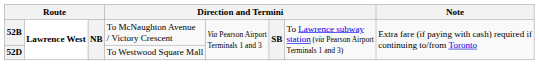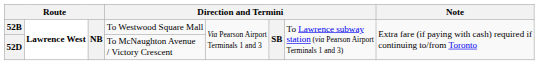 <table class=wikitable style="font-size: 90%;" |>
 <tr>
 <th colspan=3>Route</th>
 <th colspan=4>Direction and Termini</th>
 <th colspan=1>Note</th>
 </tr>
 <tr>
 <th style="background:#"><div>52B</div></th>
 <td rowspan="2" style="background:white;color:black"><strong>Lawrence West</strong></td>
 <th rowspan="2">NB</th>
-<td>To McNaughton Avenue<br> / Victory Crescent</td>
+<td rowspan="1">To Westwood Square Mall</td>
 <td rowspan="2"><small><em>Via</em> Pearson Airport<br>Terminals 1 and 3</small></td>
 <th rowspan="2">SB</th>
 <td rowspan="2">To <a href='#'>Lawrence subway<br>station</a><small> (<em>via</em> Pearson Airport<br>Terminals 1 and 3)</small></td>
 <td rowspan="2">Extra fare (if paying with cash) required if<br>continuing to/from <a href='#'>Toronto</a></td>
 </tr>
 <tr>
 <th style="background:#"><div>52D</div></th>
-<td rowspan="1">To Westwood Square Mall</td>
+<td>To McNaughton Avenue<br> / Victory Crescent</td>
 </tr>
 </table>
